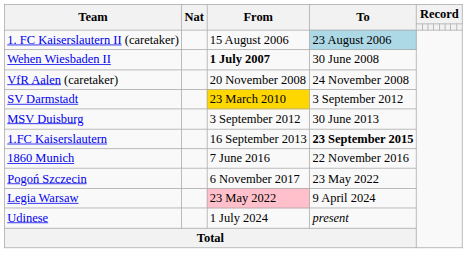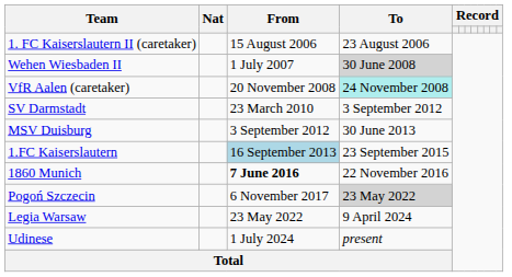 <table class="wikitable" style="text-align: center">
 <tr>
 <th rowspan="2">Team</th>
 <th rowspan="2">Nat</th>
 <th rowspan="2">From</th>
 <th rowspan="2">To</th>
 <th colspan="8">Record</th>
 </tr>
 <tr>
 <th></th>
 <th></th>
 <th></th>
 <th></th>
 <th></th>
 <th></th>
 <th></th>
 <th></th>
 </tr>
 <tr>
 <td align=left><a href='#'>1. FC Kaiserslautern II</a> (caretaker)</td>
 <td></td>
 <td align=left>15 August 2006</td>
-<td align=left style="background: lightblue;">23 August 2006<br></td>
+<td align=left>23 August 2006<br></td>
 </tr>
 <tr>
 <td align=left><a href='#'>Wehen Wiesbaden II</a></td>
 <td></td>
-<td align=left><strong>1 July 2007</strong></td>
-<td align=left>30 June 2008<br></td>
+<td align=left>1 July 2007</td>
+<td align=left style="background: lightgrey;">30 June 2008<br></td>
 </tr>
 <tr>
 <td align=left><a href='#'>VfR Aalen</a> (caretaker)</td>
 <td></td>
 <td align=left>20 November 2008</td>
-<td align=left>24 November 2008<br></td>
+<td align=left style="background: paleturquoise;">24 November 2008<br></td>
 </tr>
 <tr>
 <td align=left><a href='#'>SV Darmstadt</a></td>
 <td></td>
-<td align=left style="background: gold;">23 March 2010</td>
+<td align=left>23 March 2010</td>
 <td align=left>3 September 2012<br></td>
 </tr>
 <tr>
 <td align=left><a href='#'>MSV Duisburg</a></td>
 <td></td>
 <td align=left>3 September 2012</td>
 <td align=left>30 June 2013<br></td>
 </tr>
 <tr>
 <td align=left><a href='#'>1.FC Kaiserslautern</a></td>
 <td></td>
-<td align=left>16 September 2013</td>
-<td align=left><strong>23 September 2015<br></strong></td>
+<td align=left style="background: lightblue;">16 September 2013</td>
+<td align=left>23 September 2015<br></td>
 </tr>
 <tr>
 <td align=left><a href='#'>1860 Munich</a></td>
 <td></td>
-<td align=left>7 June 2016</td>
+<td align=left><strong>7 June 2016</strong></td>
 <td align=left>22 November 2016<br></td>
 </tr>
 <tr>
 <td align=left><a href='#'>Pogoń Szczecin</a></td>
 <td></td>
 <td align=left>6 November 2017</td>
-<td align=left>23 May 2022<br></td>
+<td align=left style="background: lightgrey;">23 May 2022<br></td>
 </tr>
 <tr>
 <td align=left><a href='#'>Legia Warsaw</a></td>
 <td></td>
-<td align=left style="background: pink;">23 May 2022</td>
+<td align=left>23 May 2022</td>
 <td align=left>9 April 2024<br></td>
 </tr>
 <tr>
 <td align=left><a href='#'>Udinese</a></td>
 <td></td>
 <td align=left>1 July 2024</td>
 <td align=left><em>present</em><br></td>
 </tr>
 <tr>
 <th colspan="4">Total<br></th>
 </tr>
 </table>
